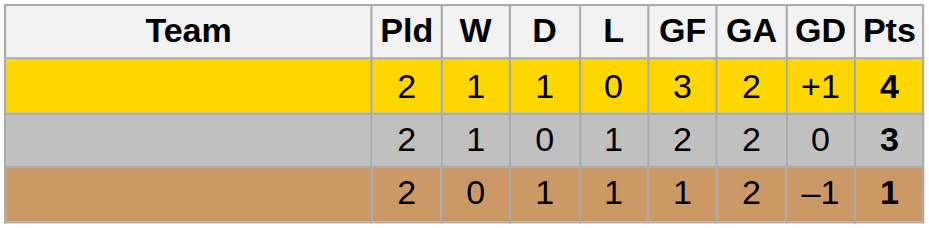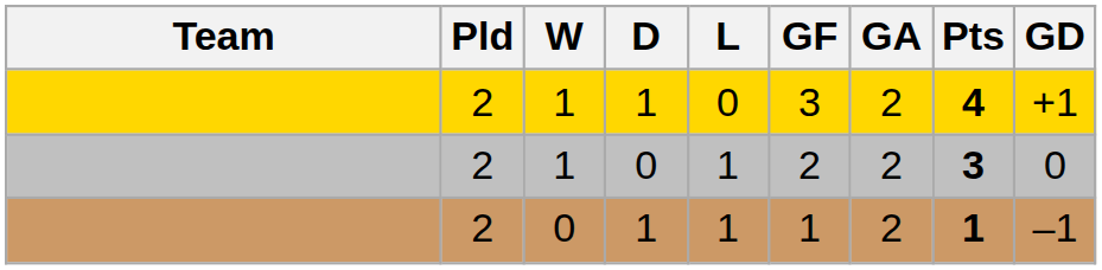 <table class="wikitable" style="text-align: center;">
 <tr>
 <th width=165>Team</th>
 <th width=25>Pld</th>
 <th width=25>W</th>
 <th width=25>D</th>
 <th width=25>L</th>
 <th width=25>GF</th>
 <th width=25>GA</th>
+<th width=25>Pts</th>
 <th width=25>GD</th>
-<th width=25>Pts</th>
 </tr>
 <tr bgcolor=gold>
 <td align="left"></td>
 <td>2</td>
 <td>1</td>
 <td>1</td>
 <td>0</td>
 <td>3</td>
 <td>2</td>
+<td><strong>4</strong></td>
 <td>+1</td>
-<td><strong>4</strong></td>
 </tr>
 <tr bgcolor=silver>
 <td align="left"></td>
 <td>2</td>
 <td>1</td>
 <td>0</td>
 <td>1</td>
 <td>2</td>
 <td>2</td>
+<td><strong>3</strong></td>
 <td>0</td>
-<td><strong>3</strong></td>
 </tr>
 <tr bgcolor=#cc9966>
 <td align="left"></td>
 <td>2</td>
 <td>0</td>
 <td>1</td>
 <td>1</td>
 <td>1</td>
 <td>2</td>
+<td><strong>1</strong></td>
 <td>–1</td>
-<td><strong>1</strong></td>
 </tr>
 </table>
